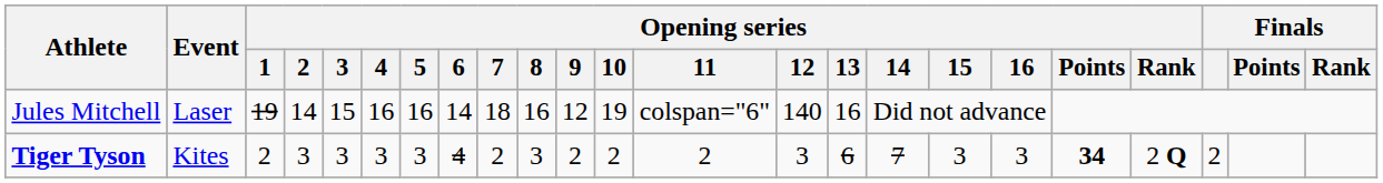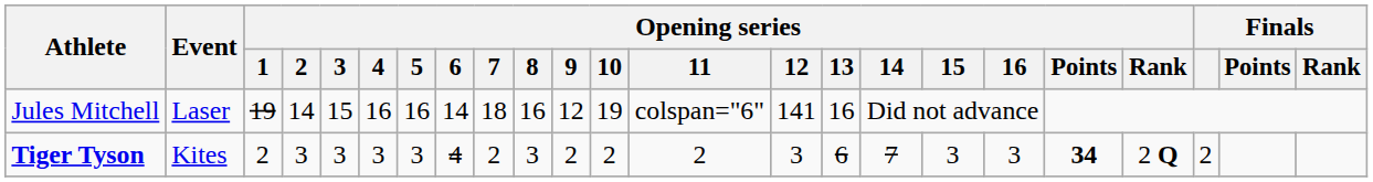 <table class=wikitable style=font-size:90%;text-align:center>
 <tr>
 <th rowspan=2>Athlete</th>
 <th rowspan=2>Event</th>
 <th colspan=18>Opening series</th>
 <th colspan=3>Finals</th>
 </tr>
 <tr style=font-size:95%>
 <th>1</th>
 <th>2</th>
 <th>3</th>
 <th>4</th>
 <th>5</th>
 <th>6</th>
 <th>7</th>
 <th>8</th>
 <th>9</th>
 <th>10</th>
 <th>11</th>
 <th>12</th>
 <th>13</th>
 <th>14</th>
 <th>15</th>
 <th>16</th>
 <th>Points</th>
 <th>Rank</th>
 <th></th>
 <th>Points</th>
 <th>Rank</th>
 </tr>
 <tr>
 <td align=left><a href='#'>Jules Mitchell</a></td>
 <td align=left><a href='#'>Laser</a></td>
 <td><s>19<br></s></td>
 <td>14</td>
 <td>15</td>
 <td>16</td>
 <td>16</td>
 <td>14</td>
 <td>18</td>
 <td>16</td>
 <td>12</td>
 <td>19</td>
 <td>colspan="6" </td>
-<td>140</td>
+<td>141</td>
 <td>16</td>
 <td colspan=3>Did not advance</td>
 </tr>
 <tr>
 <td align=left><strong><a href='#'>Tiger Tyson</a></strong></td>
 <td align=left><a href='#'>Kites</a></td>
 <td>2</td>
 <td>3</td>
 <td>3</td>
 <td>3</td>
 <td>3</td>
 <td><s>4</s></td>
 <td>2</td>
 <td>3</td>
 <td>2</td>
 <td>2</td>
 <td>2</td>
 <td>3</td>
 <td><s>6</s></td>
 <td><s>7</s></td>
 <td>3</td>
 <td>3</td>
 <td><strong>34</strong></td>
 <td>2 <strong>Q</strong></td>
 <td>2</td>
 <td></td>
 <td></td>
 </tr>
 </table>
